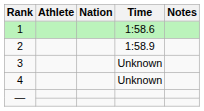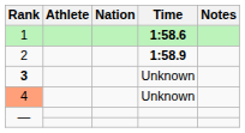 <table class="wikitable sortable" style="text-align:center">
 <tr>
 <th>Rank</th>
 <th>Athlete</th>
 <th>Nation</th>
 <th>Time</th>
 <th>Notes</th>
 </tr>
 <tr bgcolor=bbf3bb>
 <td>1</td>
 <td align=left></td>
 <td align=left></td>
-<td>1:58.6</td>
+<td><strong>1:58.6</strong></td>
 <td></td>
 </tr>
 <tr>
 <td>2</td>
 <td align=left></td>
 <td align=left></td>
-<td>1:58.9</td>
+<td><strong>1:58.9</strong></td>
 <td></td>
 </tr>
 <tr>
-<td>3</td>
+<td><strong>3</strong></td>
 <td align=left></td>
 <td align=left></td>
 <td data-sort-value=5:00.0>Unknown</td>
 <td></td>
 </tr>
 <tr>
-<td>4</td>
+<td style="background: lightsalmon;">4</td>
 <td align=left></td>
 <td align=left></td>
 <td data-sort-value=6:00.0>Unknown</td>
 <td></td>
 </tr>
 <tr>
 <td rowspan=2 data-sort-value=5>—</td>
 <td align=left></td>
 <td align=left></td>
 <td></td>
 <td></td>
 </tr>
 <tr>
 <td align=left></td>
 <td align=left></td>
 <td></td>
 <td></td>
 </tr>
 </table>
